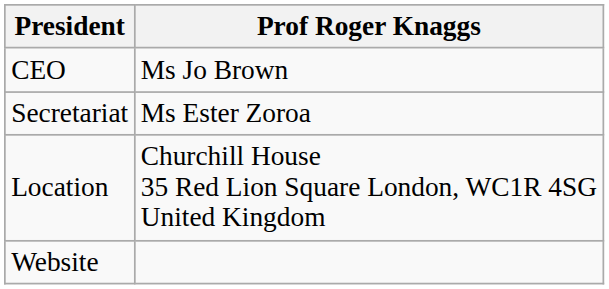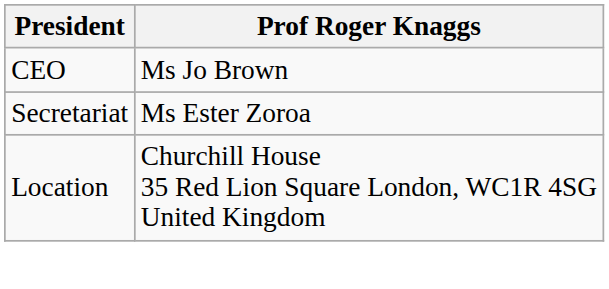 <table class="wikitable">
 <tr>
 <th>President</th>
 <th>Prof Roger Knaggs</th>
 </tr>
 <tr>
 <td>CEO</td>
 <td>Ms Jo Brown</td>
 </tr>
 <tr>
 <td>Secretariat</td>
 <td>Ms Ester Zoroa</td>
 </tr>
 <tr>
 <td>Location</td>
 <td>Churchill House<br>35 Red Lion Square London, WC1R 4SG<br>United Kingdom</td>
 </tr>
-<tr>
-<td>Website</td>
-<td></td>
-</tr>
 </table>
